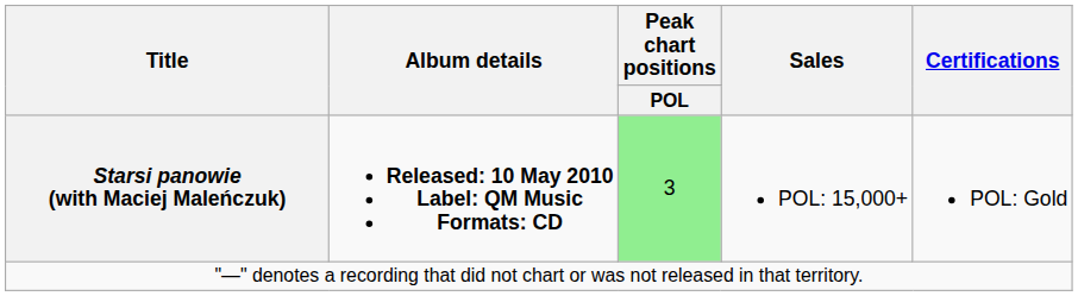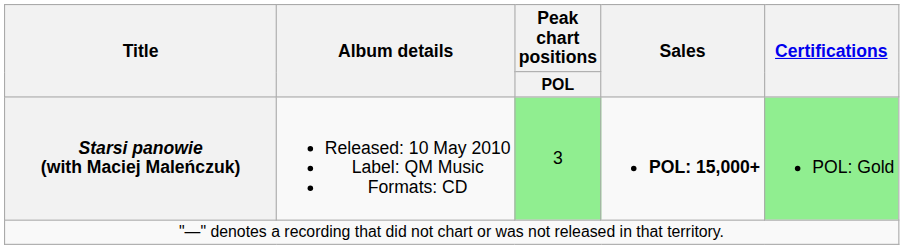 <table class="wikitable plainrowheaders" style="text-align:center;">
 <tr>
 <th scope="col" rowspan="2" style="width:15em;">Title</th>
 <th scope="col" rowspan="2">Album details</th>
 <th scope="col">Peak chart positions</th>
 <th scope="col" rowspan="2">Sales</th>
 <th scope="col" rowspan="2"><a href='#'>Certifications</a></th>
 </tr>
 <tr>
 <th scope="col" style="width:3em;font-size:90%;">POL<br></th>
 </tr>
 <tr>
 <th scope="row"><em>Starsi panowie</em><br>(with Maciej Maleńczuk)</th>
-<td><strong><br><ul><li>Released: 10 May 2010</li><li>Label: QM Music</li><li>Formats: CD</li></ul></strong></td>
+<td><br><ul><li>Released: 10 May 2010</li><li>Label: QM Music</li><li>Formats: CD</li></ul></td>
 <td style="background: lightgreen;">3</td>
-<td><br><ul><li>POL: 15,000+</li></ul></td>
-<td><br><ul><li>POL: Gold</li></ul></td>
+<td><strong><br><ul><li>POL: 15,000+</li></ul></strong></td>
+<td style="background: lightgreen;"><br><ul><li>POL: Gold</li></ul></td>
 </tr>
 <tr>
 <td colspan="20" style="font-size:90%">"—" denotes a recording that did not chart or was not released in that territory.</td>
 </tr>
 </table>
